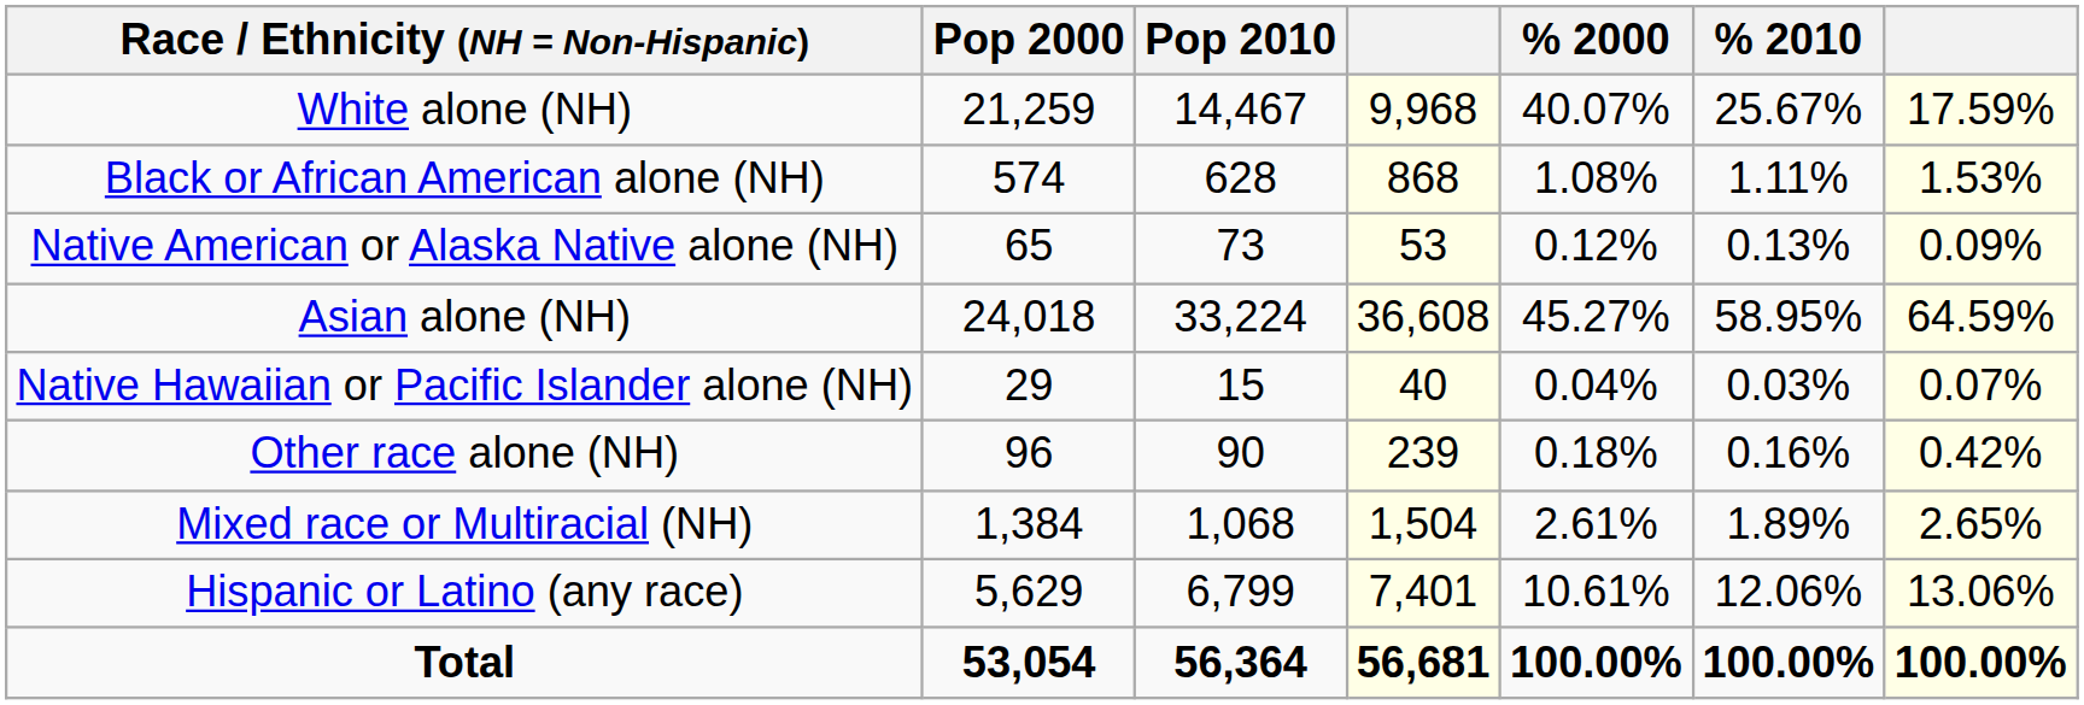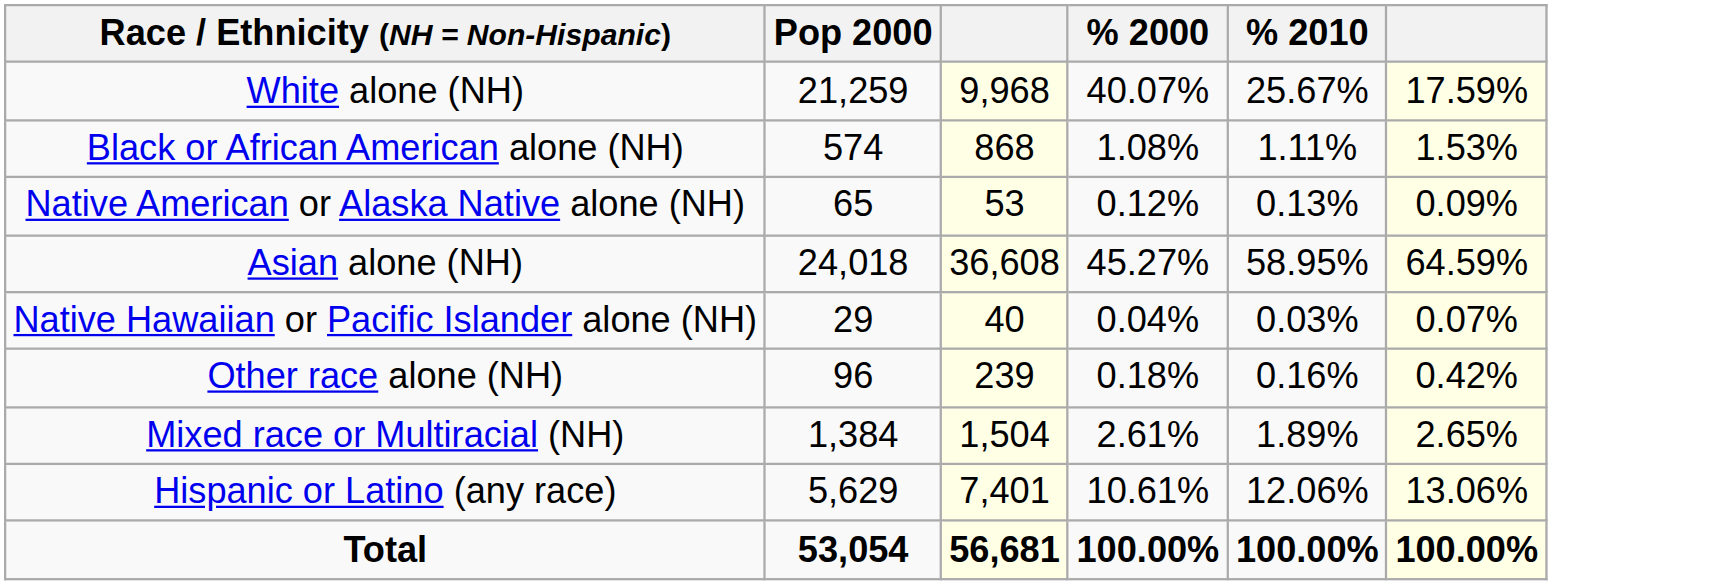 <table class="wikitable" style="text-align:center;">
 <tr>
 <th>Race / Ethnicity <small>(<em>NH = Non-Hispanic</em>)</small></th>
 <th>Pop 2000</th>
-<th>Pop 2010</th>
 <th></th>
 <th>% 2000</th>
 <th>% 2010</th>
 <th></th>
 </tr>
 <tr>
 <td><a href='#'>White</a> alone (NH)</td>
 <td>21,259</td>
-<td>14,467</td>
 <td style='background: #ffffe6;'>9,968</td>
 <td>40.07%</td>
 <td>25.67%</td>
 <td style='background: #ffffe6;'>17.59%</td>
 </tr>
 <tr>
 <td><a href='#'>Black or African American</a> alone (NH)</td>
 <td>574</td>
-<td>628</td>
 <td style='background: #ffffe6;'>868</td>
 <td>1.08%</td>
 <td>1.11%</td>
 <td style='background: #ffffe6;'>1.53%</td>
 </tr>
 <tr>
 <td><a href='#'>Native American</a> or <a href='#'>Alaska Native</a> alone (NH)</td>
 <td>65</td>
-<td>73</td>
 <td style='background: #ffffe6;'>53</td>
 <td>0.12%</td>
 <td>0.13%</td>
 <td style='background: #ffffe6;'>0.09%</td>
 </tr>
 <tr>
 <td><a href='#'>Asian</a> alone (NH)</td>
 <td>24,018</td>
-<td>33,224</td>
 <td style='background: #ffffe6;'>36,608</td>
 <td>45.27%</td>
 <td>58.95%</td>
 <td style='background: #ffffe6;'>64.59%</td>
 </tr>
 <tr>
 <td><a href='#'>Native Hawaiian</a> or <a href='#'>Pacific Islander</a> alone (NH)</td>
 <td>29</td>
-<td>15</td>
 <td style='background: #ffffe6;'>40</td>
 <td>0.04%</td>
 <td>0.03%</td>
 <td style='background: #ffffe6;'>0.07%</td>
 </tr>
 <tr>
 <td><a href='#'>Other race</a> alone (NH)</td>
 <td>96</td>
-<td>90</td>
 <td style='background: #ffffe6;'>239</td>
 <td>0.18%</td>
 <td>0.16%</td>
 <td style='background: #ffffe6;'>0.42%</td>
 </tr>
 <tr>
 <td><a href='#'>Mixed race or Multiracial</a> (NH)</td>
 <td>1,384</td>
-<td>1,068</td>
 <td style='background: #ffffe6;'>1,504</td>
 <td>2.61%</td>
 <td>1.89%</td>
 <td style='background: #ffffe6;'>2.65%</td>
 </tr>
 <tr>
 <td><a href='#'>Hispanic or Latino</a> (any race)</td>
 <td>5,629</td>
-<td>6,799</td>
 <td style='background: #ffffe6;'>7,401</td>
 <td>10.61%</td>
 <td>12.06%</td>
 <td style='background: #ffffe6;'>13.06%</td>
 </tr>
 <tr>
 <td><strong>Total</strong></td>
 <td><strong>53,054</strong></td>
-<td><strong>56,364</strong></td>
 <td style='background: #ffffe6;'><strong>56,681</strong></td>
 <td><strong>100.00%</strong></td>
 <td><strong>100.00%</strong></td>
 <td style='background: #ffffe6;'><strong>100.00%</strong></td>
 </tr>
 </table>
